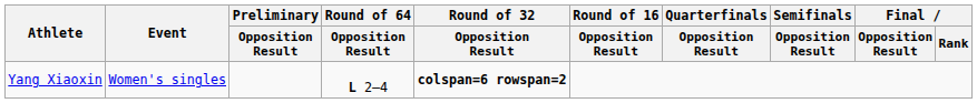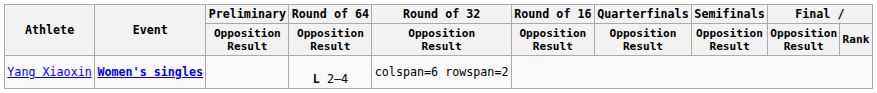 <table class=wikitable style=font-size:90%;text-align:center>
 <tr>
 <th rowspan=2>Athlete</th>
 <th rowspan=2>Event</th>
 <th>Preliminary</th>
 <th>Round of 64</th>
 <th>Round of 32</th>
 <th>Round of 16</th>
 <th>Quarterfinals</th>
 <th>Semifinals</th>
 <th colspan=2>Final / </th>
 </tr>
 <tr style=font-size:95%>
 <th>Opposition<br>Result</th>
 <th>Opposition<br>Result</th>
 <th>Opposition<br>Result</th>
 <th>Opposition<br>Result</th>
 <th>Opposition<br>Result</th>
 <th>Opposition<br>Result</th>
 <th>Opposition<br>Result</th>
 <th>Rank</th>
 </tr>
 <tr>
 <td align=left><a href='#'>Yang Xiaoxin</a></td>
-<td align=left><a href='#'>Women's singles</a></td>
+<td align=left><strong><a href='#'>Women's singles</a></strong></td>
 <td></td>
 <td> <br> <strong>L</strong> 2–4</td>
-<td><strong>colspan=6 rowspan=2 </strong></td>
+<td>colspan=6 rowspan=2 </td>
 </tr>
 </table>
